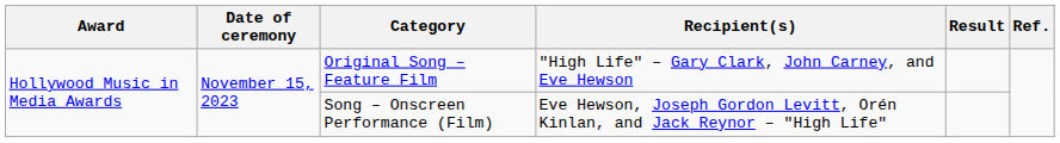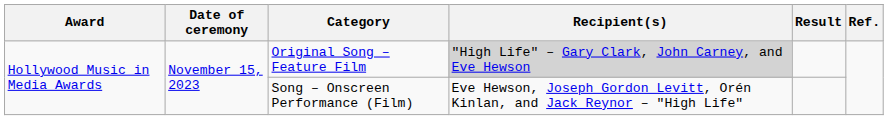 <table class="wikitable">
 <tr>
 <th>Award</th>
 <th>Date of ceremony</th>
 <th>Category</th>
 <th>Recipient(s)</th>
 <th>Result</th>
 <th>Ref.</th>
 </tr>
 <tr>
 <td rowspan="2"><a href='#'>Hollywood Music in Media Awards</a></td>
 <td rowspan="2"><a href='#'>November 15, 2023</a></td>
 <td><a href='#'>Original Song – Feature Film</a></td>
-<td>"High Life" – <a href='#'>Gary Clark</a>, <a href='#'>John Carney</a>, and <a href='#'>Eve Hewson</a></td>
+<td style="background: lightgrey;">"High Life" – <a href='#'>Gary Clark</a>, <a href='#'>John Carney</a>, and <a href='#'>Eve Hewson</a></td>
 <td></td>
 <td rowspan="2"></td>
 </tr>
 <tr>
 <td>Song – Onscreen Performance (Film)</td>
 <td>Eve Hewson, <a href='#'>Joseph Gordon Levitt</a>, Orén Kinlan, and <a href='#'>Jack Reynor</a> – "High Life"</td>
 <td></td>
 </tr>
 </table>
